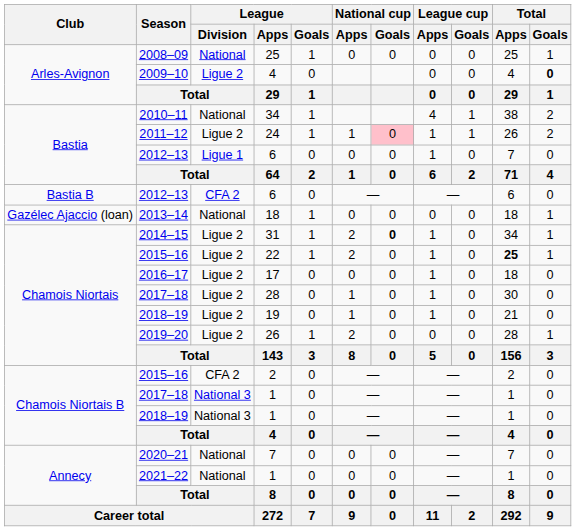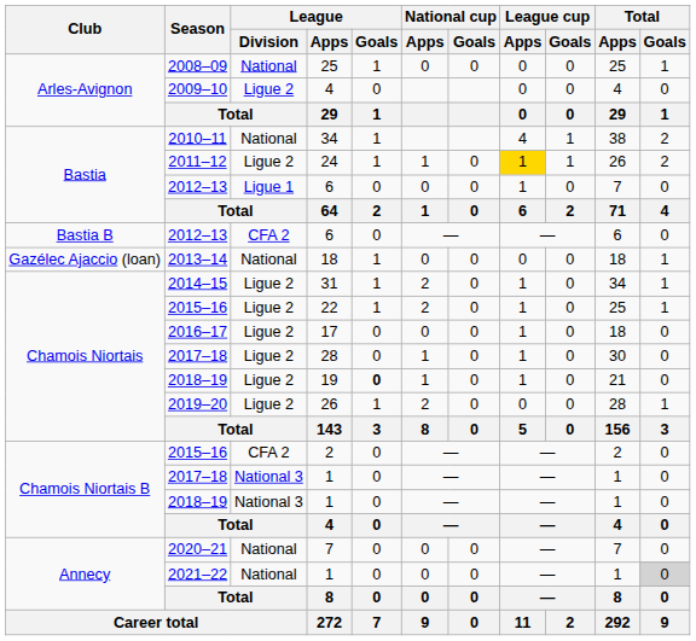 <table class="wikitable" style="text-align:center">
 <tr>
 <th rowspan="2">Club</th>
 <th rowspan="2">Season</th>
 <th colspan="3">League</th>
 <th colspan="2">National cup</th>
 <th colspan="2">League cup</th>
 <th colspan="2">Total</th>
 </tr>
 <tr>
 <th>Division</th>
 <th>Apps</th>
 <th>Goals</th>
 <th>Apps</th>
 <th>Goals</th>
 <th>Apps</th>
 <th>Goals</th>
 <th>Apps</th>
 <th>Goals</th>
 </tr>
 <tr>
 <td rowspan="3"><a href='#'>Arles-Avignon</a></td>
 <td><a href='#'>2008–09</a></td>
 <td><a href='#'>National</a></td>
 <td>25</td>
 <td>1</td>
 <td>0</td>
 <td>0</td>
 <td>0</td>
 <td>0</td>
 <td>25</td>
 <td>1</td>
 </tr>
 <tr>
 <td><a href='#'>2009–10</a></td>
 <td><a href='#'>Ligue 2</a></td>
 <td>4</td>
 <td>0</td>
 <td></td>
 <td></td>
 <td>0</td>
 <td>0</td>
 <td>4</td>
-<td><strong>0</strong></td>
+<td>0</td>
 </tr>
 <tr>
 <th colspan="2">Total</th>
 <th>29</th>
 <th>1</th>
 <th></th>
 <th></th>
 <th>0</th>
 <th>0</th>
 <th>29</th>
 <th>1</th>
 </tr>
 <tr>
 <td rowspan="4"><a href='#'>Bastia</a></td>
 <td><a href='#'>2010–11</a></td>
 <td>National</td>
 <td>34</td>
 <td>1</td>
 <td></td>
 <td></td>
 <td>4</td>
 <td>1</td>
 <td>38</td>
 <td>2</td>
 </tr>
 <tr>
 <td><a href='#'>2011–12</a></td>
 <td>Ligue 2</td>
 <td>24</td>
 <td>1</td>
 <td>1</td>
-<td style="background: pink;">0</td>
-<td>1</td>
+<td>0</td>
+<td style="background: gold;">1</td>
 <td>1</td>
 <td>26</td>
 <td>2</td>
 </tr>
 <tr>
 <td><a href='#'>2012–13</a></td>
 <td><a href='#'>Ligue 1</a></td>
 <td>6</td>
 <td>0</td>
 <td>0</td>
 <td>0</td>
 <td>1</td>
 <td>0</td>
 <td>7</td>
 <td>0</td>
 </tr>
 <tr>
 <th colspan="2">Total</th>
 <th>64</th>
 <th>2</th>
 <th>1</th>
 <th>0</th>
 <th>6</th>
 <th>2</th>
 <th>71</th>
 <th>4</th>
 </tr>
 <tr>
 <td><a href='#'>Bastia B</a></td>
 <td><a href='#'>2012–13</a></td>
 <td><a href='#'>CFA 2</a></td>
 <td>6</td>
 <td>0</td>
 <td colspan="2">—</td>
 <td colspan="2">—</td>
 <td>6</td>
 <td>0</td>
 </tr>
 <tr>
 <td><a href='#'>Gazélec Ajaccio</a> (loan)</td>
 <td><a href='#'>2013–14</a></td>
 <td>National</td>
 <td>18</td>
 <td>1</td>
 <td>0</td>
 <td>0</td>
 <td>0</td>
 <td>0</td>
 <td>18</td>
 <td>1</td>
 </tr>
 <tr>
 <td rowspan="7"><a href='#'>Chamois Niortais</a></td>
 <td><a href='#'>2014–15</a></td>
 <td>Ligue 2</td>
 <td>31</td>
 <td>1</td>
 <td>2</td>
-<td><strong>0</strong></td>
+<td>0</td>
 <td>1</td>
 <td>0</td>
 <td>34</td>
 <td>1</td>
 </tr>
 <tr>
 <td><a href='#'>2015–16</a></td>
 <td>Ligue 2</td>
 <td>22</td>
 <td>1</td>
 <td>2</td>
 <td>0</td>
 <td>1</td>
 <td>0</td>
-<td><strong>25</strong></td>
+<td>25</td>
 <td>1</td>
 </tr>
 <tr>
 <td><a href='#'>2016–17</a></td>
 <td>Ligue 2</td>
 <td>17</td>
 <td>0</td>
 <td>0</td>
 <td>0</td>
 <td>1</td>
 <td>0</td>
 <td>18</td>
 <td>0</td>
 </tr>
 <tr>
 <td><a href='#'>2017–18</a></td>
 <td>Ligue 2</td>
 <td>28</td>
 <td>0</td>
 <td>1</td>
 <td>0</td>
 <td>1</td>
 <td>0</td>
 <td>30</td>
 <td>0</td>
 </tr>
 <tr>
 <td><a href='#'>2018–19</a></td>
 <td>Ligue 2</td>
 <td>19</td>
-<td>0</td>
+<td><strong>0</strong></td>
 <td>1</td>
 <td>0</td>
 <td>1</td>
 <td>0</td>
 <td>21</td>
 <td>0</td>
 </tr>
 <tr>
 <td><a href='#'>2019–20</a></td>
 <td>Ligue 2</td>
 <td>26</td>
 <td>1</td>
 <td>2</td>
 <td>0</td>
 <td>0</td>
 <td>0</td>
 <td>28</td>
 <td>1</td>
 </tr>
 <tr>
 <th colspan="2">Total</th>
 <th>143</th>
 <th>3</th>
 <th>8</th>
 <th>0</th>
 <th>5</th>
 <th>0</th>
 <th>156</th>
 <th>3</th>
 </tr>
 <tr>
 <td rowspan="4"><a href='#'>Chamois Niortais B</a></td>
 <td><a href='#'>2015–16</a></td>
 <td>CFA 2</td>
 <td>2</td>
 <td>0</td>
 <td colspan="2">—</td>
 <td colspan="2">—</td>
 <td>2</td>
 <td>0</td>
 </tr>
 <tr>
 <td><a href='#'>2017–18</a></td>
 <td><a href='#'>National 3</a></td>
 <td>1</td>
 <td>0</td>
 <td colspan="2">—</td>
 <td colspan="2">—</td>
 <td>1</td>
 <td>0</td>
 </tr>
 <tr>
 <td><a href='#'>2018–19</a></td>
 <td>National 3</td>
 <td>1</td>
 <td>0</td>
 <td colspan="2">—</td>
 <td colspan="2">—</td>
 <td>1</td>
 <td>0</td>
 </tr>
 <tr>
 <th colspan="2">Total</th>
 <th>4</th>
 <th>0</th>
 <th colspan="2">—</th>
 <th colspan="2">—</th>
 <th>4</th>
 <th>0</th>
 </tr>
 <tr>
 <td rowspan="3"><a href='#'>Annecy</a></td>
 <td><a href='#'>2020–21</a></td>
 <td>National</td>
 <td>7</td>
 <td>0</td>
 <td>0</td>
 <td>0</td>
 <td colspan="2">—</td>
 <td>7</td>
 <td>0</td>
 </tr>
 <tr>
 <td><a href='#'>2021–22</a></td>
 <td>National</td>
 <td>1</td>
 <td>0</td>
 <td>0</td>
 <td>0</td>
 <td colspan="2">—</td>
 <td>1</td>
-<td>0</td>
+<td style="background: lightgrey;">0</td>
 </tr>
 <tr>
 <th colspan="2">Total</th>
 <th>8</th>
 <th>0</th>
 <th>0</th>
 <th>0</th>
 <th colspan="2">—</th>
 <th>8</th>
 <th>0</th>
 </tr>
 <tr>
 <th colspan="3">Career total</th>
 <th>272</th>
 <th>7</th>
 <th>9</th>
 <th>0</th>
 <th>11</th>
 <th>2</th>
 <th>292</th>
 <th>9</th>
 </tr>
 </table>
